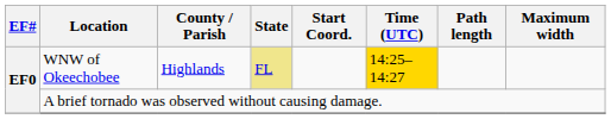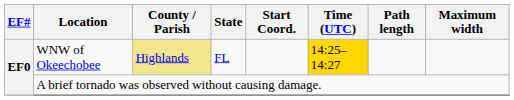 <table class="wikitable sortable" style="width:100%;">
 <tr>
 <th scope="col" width="2%" align="center"><a href='#'>EF#</a></th>
 <th scope="col" align="center" class="unsortable">Location</th>
 <th scope="col" align="center" class="unsortable">County / Parish</th>
 <th scope="col" align="center">State</th>
 <th scope="col" align="center">Start Coord.</th>
 <th scope="col" align="center">Time (<a href='#'>UTC</a>)</th>
 <th scope="col" align="center">Path length</th>
 <th scope="col" align="center">Maximum width</th>
 </tr>
 <tr>
 <th scope="row" rowspan="2" style="background-color:#">EF0</th>
 <td>WNW of <a href='#'>Okeechobee</a></td>
-<td><a href='#'>Highlands</a></td>
-<td style="background: khaki;"><a href='#'>FL</a></td>
+<td style="background: khaki;"><a href='#'>Highlands</a></td>
+<td><a href='#'>FL</a></td>
 <td></td>
 <td style="background: gold;">14:25–14:27</td>
 <td></td>
 <td></td>
 </tr>
 <tr class="expand-child">
 <td colspan="8" style=" border-bottom: 1px solid black;">A brief tornado was observed without causing damage.</td>
 </tr>
 <tr>
 </tr>
 </table>
